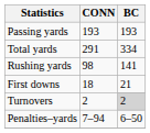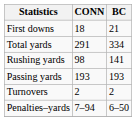 <table class="wikitable" style="float: left;">
 <tr>
 <th>Statistics</th>
 <th>CONN</th>
 <th>BC</th>
 </tr>
 <tr>
-<td>Passing yards</td>
-<td>193</td>
-<td>193</td>
+<td>First downs</td>
+<td>18</td>
+<td>21</td>
 </tr>
 <tr>
 <td>Total yards</td>
 <td>291</td>
 <td>334</td>
 </tr>
 <tr>
 <td>Rushing yards</td>
 <td>98</td>
 <td>141</td>
 </tr>
 <tr>
-<td>First downs</td>
-<td>18</td>
-<td>21</td>
+<td>Passing yards</td>
+<td>193</td>
+<td>193</td>
 </tr>
 <tr>
 <td>Turnovers</td>
 <td>2</td>
-<td style="background: lightgrey;">2</td>
+<td>2</td>
 </tr>
 <tr>
 <td>Penalties–yards</td>
 <td>7–94</td>
 <td>6–50</td>
 </tr>
 <tr>
 </tr>
 </table>
